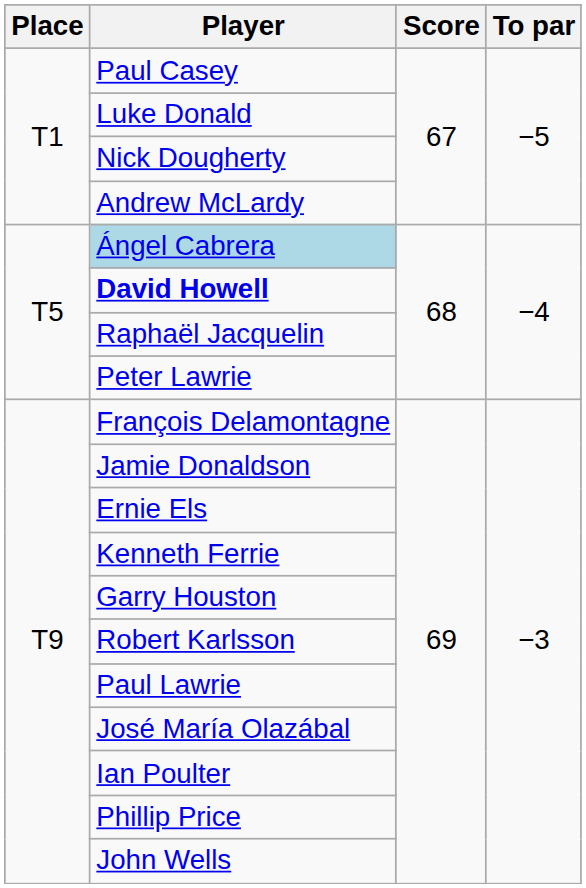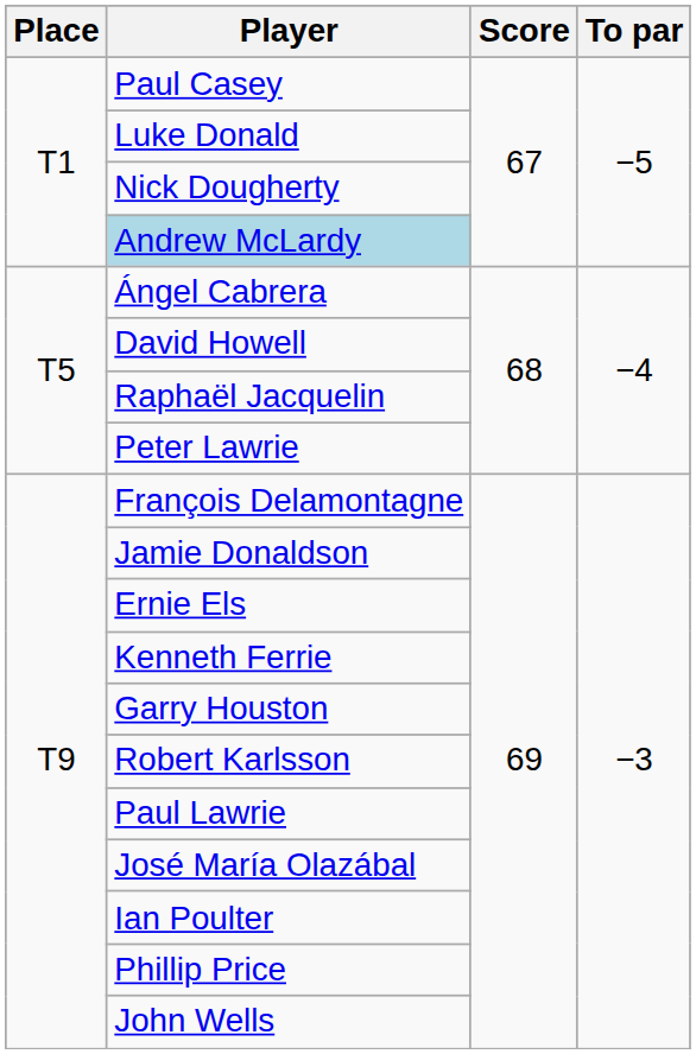 <table class="wikitable">
 <tr>
 <th>Place</th>
 <th>Player</th>
 <th>Score</th>
 <th>To par</th>
 </tr>
 <tr>
 <td rowspan="4" align=center>T1</td>
 <td> <a href='#'>Paul Casey</a></td>
 <td rowspan="4" align=center>67</td>
 <td rowspan="4" align=center>−5</td>
 </tr>
 <tr>
 <td> <a href='#'>Luke Donald</a></td>
 </tr>
 <tr>
 <td> <a href='#'>Nick Dougherty</a></td>
 </tr>
 <tr>
-<td> <a href='#'>Andrew McLardy</a></td>
+<td style="background: lightblue;"> <a href='#'>Andrew McLardy</a></td>
 </tr>
 <tr>
 <td rowspan="4" align=center>T5</td>
-<td style="background: lightblue;"> <a href='#'>Ángel Cabrera</a></td>
+<td> <a href='#'>Ángel Cabrera</a></td>
 <td rowspan="4" align=center>68</td>
 <td rowspan="4" align=center>−4</td>
 </tr>
 <tr>
-<td><strong> <a href='#'>David Howell</a></strong></td>
+<td> <a href='#'>David Howell</a></td>
 </tr>
 <tr>
 <td> <a href='#'>Raphaël Jacquelin</a></td>
 </tr>
 <tr>
 <td> <a href='#'>Peter Lawrie</a></td>
 </tr>
 <tr>
 <td rowspan="11" align=center>T9</td>
 <td> <a href='#'>François Delamontagne</a></td>
 <td rowspan="11" align=center>69</td>
 <td rowspan="11" align=center>−3</td>
 </tr>
 <tr>
 <td> <a href='#'>Jamie Donaldson</a></td>
 </tr>
 <tr>
 <td> <a href='#'>Ernie Els</a></td>
 </tr>
 <tr>
 <td> <a href='#'>Kenneth Ferrie</a></td>
 </tr>
 <tr>
 <td> <a href='#'>Garry Houston</a></td>
 </tr>
 <tr>
 <td> <a href='#'>Robert Karlsson</a></td>
 </tr>
 <tr>
 <td> <a href='#'>Paul Lawrie</a></td>
 </tr>
 <tr>
 <td> <a href='#'>José María Olazábal</a></td>
 </tr>
 <tr>
 <td> <a href='#'>Ian Poulter</a></td>
 </tr>
 <tr>
 <td> <a href='#'>Phillip Price</a></td>
 </tr>
 <tr>
 <td> <a href='#'>John Wells</a></td>
 </tr>
 </table>
